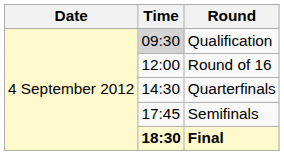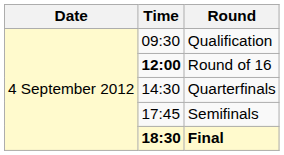 <table class="wikitable">
 <tr>
 <th>Date</th>
 <th>Time</th>
 <th>Round</th>
 </tr>
 <tr>
 <td style=background:lemonchiffon rowspan=5>4 September 2012</td>
-<td style="background: lightgrey;">09:30</td>
+<td>09:30</td>
 <td>Qualification</td>
 </tr>
 <tr>
-<td>12:00</td>
+<td><strong>12:00</strong></td>
 <td>Round of 16</td>
 </tr>
 <tr>
 <td>14:30</td>
 <td>Quarterfinals</td>
 </tr>
 <tr>
 <td>17:45</td>
 <td>Semifinals</td>
 </tr>
 <tr>
 <td style=background:lemonchiffon><strong>18:30</strong></td>
 <td style=background:lemonchiffon><strong>Final</strong></td>
 </tr>
 </table>
